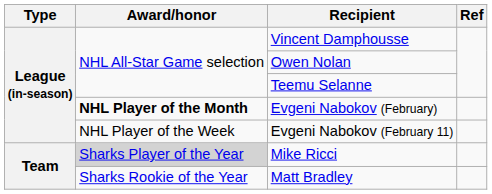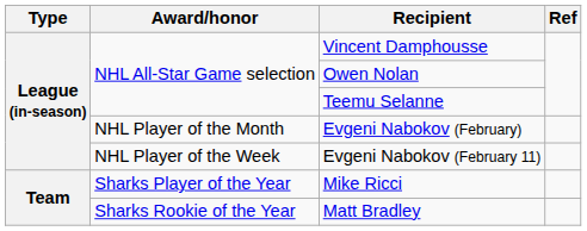 <table class="wikitable">
 <tr>
 <th scope="col">Type</th>
 <th scope="col">Award/honor</th>
 <th scope="col">Recipient</th>
 <th scope="col">Ref</th>
 </tr>
 <tr>
 <th scope="row" rowspan="5">League<br><small>(in-season)</small></th>
 <td rowspan="3"><a href='#'>NHL All-Star Game</a> selection</td>
 <td><a href='#'>Vincent Damphousse</a></td>
 <td rowspan="3"></td>
 </tr>
 <tr>
 <td><a href='#'>Owen Nolan</a></td>
 </tr>
 <tr>
 <td><a href='#'>Teemu Selanne</a></td>
 </tr>
 <tr>
-<td><strong>NHL Player of the Month</strong></td>
+<td>NHL Player of the Month</td>
 <td><a href='#'>Evgeni Nabokov</a> <small>(February)</small></td>
 <td></td>
 </tr>
 <tr>
 <td>NHL Player of the Week</td>
 <td>Evgeni Nabokov <small>(February 11)</small></td>
 <td></td>
 </tr>
 <tr>
 <th scope="row" rowspan="2">Team</th>
-<td style="background: lightgrey;"><a href='#'>Sharks Player of the Year</a></td>
+<td><a href='#'>Sharks Player of the Year</a></td>
 <td><a href='#'>Mike Ricci</a></td>
 <td></td>
 </tr>
 <tr>
 <td><a href='#'>Sharks Rookie of the Year</a></td>
 <td><a href='#'>Matt Bradley</a></td>
 <td></td>
 </tr>
 </table>
